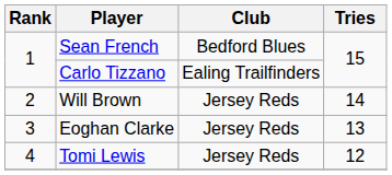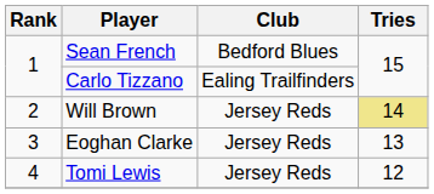 <table class="wikitable" style="text-align:center">
 <tr>
 <th>Rank</th>
 <th>Player</th>
 <th>Club</th>
 <th style="width:50px;">Tries</th>
 </tr>
 <tr>
 <td rowspan=2>1</td>
 <td align=left> <a href='#'>Sean French</a></td>
 <td>Bedford Blues</td>
 <td rowspan=2>15</td>
 </tr>
 <tr>
 <td align=left> <a href='#'>Carlo Tizzano</a></td>
 <td>Ealing Trailfinders</td>
 </tr>
 <tr>
 <td>2</td>
 <td align=left> Will Brown</td>
 <td>Jersey Reds</td>
-<td>14</td>
+<td style="background: khaki;">14</td>
 </tr>
 <tr>
 <td>3</td>
 <td align=left> Eoghan Clarke</td>
 <td>Jersey Reds</td>
 <td>13</td>
 </tr>
 <tr>
 <td>4</td>
 <td align=left> <a href='#'>Tomi Lewis</a></td>
 <td>Jersey Reds</td>
 <td>12</td>
 </tr>
 <tr>
 </tr>
 </table>
